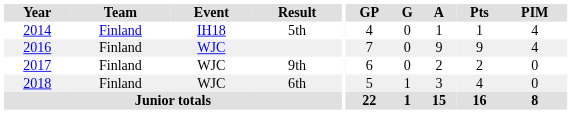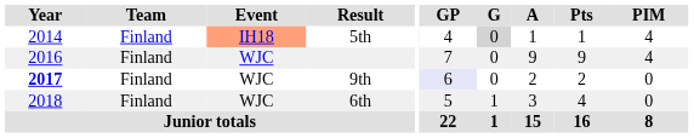 <table border="0" cellpadding="1" cellspacing="0" ID="Table3" style="text-align:center; width:40em">
 <tr ALIGN="center" bgcolor="#e0e0e0">
 <th>Year</th>
 <th>Team</th>
 <th>Event</th>
 <th>Result</th>
 <th rowspan="102" bgcolor="#ffffff"></th>
 <th>GP</th>
 <th>G</th>
 <th>A</th>
 <th>Pts</th>
 <th>PIM</th>
 </tr>
 <tr>
 <td><a href='#'>2014</a></td>
 <td><a href='#'>Finland</a></td>
-<td><a href='#'>IH18</a></td>
+<td style="background: lightsalmon;"><a href='#'>IH18</a></td>
 <td>5th</td>
 <td>4</td>
-<td>0</td>
+<td style="background: lightgrey;">0</td>
 <td>1</td>
 <td>1</td>
 <td>4</td>
 </tr>
 <tr bgcolor="#f0f0f0">
 <td><a href='#'>2016</a></td>
 <td>Finland</td>
 <td><a href='#'>WJC</a></td>
 <td></td>
 <td>7</td>
 <td>0</td>
 <td>9</td>
 <td>9</td>
 <td>4</td>
 </tr>
 <tr>
-<td><a href='#'>2017</a></td>
+<td><strong><a href='#'>2017</a></strong></td>
 <td>Finland</td>
 <td>WJC</td>
 <td>9th</td>
-<td>6</td>
+<td style="background: lavender;">6</td>
 <td>0</td>
 <td>2</td>
 <td>2</td>
 <td>0</td>
 </tr>
 <tr bgcolor="#f0f0f0">
 <td><a href='#'>2018</a></td>
 <td>Finland</td>
 <td>WJC</td>
 <td>6th</td>
 <td>5</td>
 <td>1</td>
 <td>3</td>
 <td>4</td>
 <td>0</td>
 </tr>
 <tr bgcolor="#e0e0e0">
 <th colspan="4">Junior totals</th>
 <th>22</th>
 <th>1</th>
 <th>15</th>
 <th>16</th>
 <th>8</th>
 </tr>
 </table>
